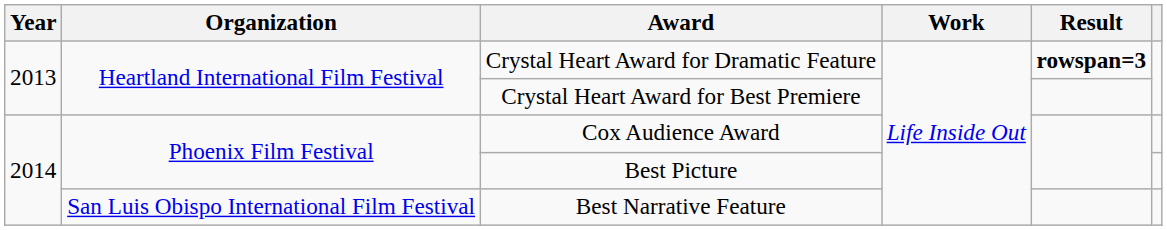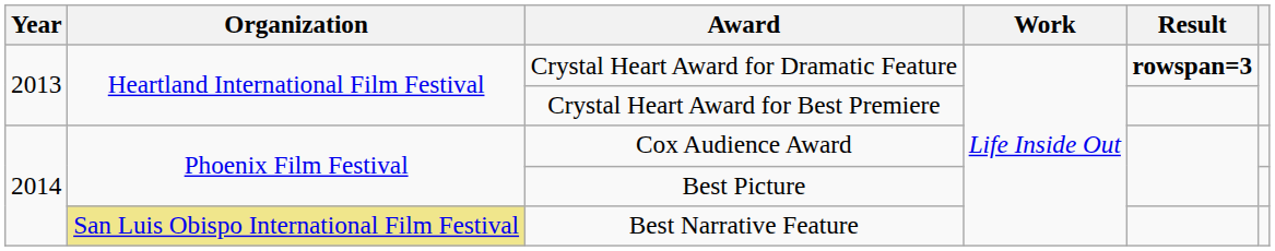 <table class="wikitable plainrowheaders" style="text-align:center;">
 <tr>
 <th>Year</th>
 <th>Organization</th>
 <th>Award</th>
 <th>Work</th>
 <th>Result</th>
 <th></th>
 </tr>
 <tr>
 <td rowspan=2>2013</td>
 <td rowspan=2><a href='#'>Heartland International Film Festival</a></td>
 <td>Crystal Heart Award for Dramatic Feature</td>
 <td rowspan=5><em><a href='#'>Life Inside Out</a></em></td>
 <td><strong>rowspan=3 </strong></td>
 <td rowspan=2></td>
 </tr>
 <tr>
 <td>Crystal Heart Award for Best Premiere</td>
 </tr>
 <tr>
 <td rowspan=3>2014</td>
 <td rowspan=2><a href='#'>Phoenix Film Festival</a></td>
 <td>Cox Audience Award</td>
 <td rowspan=2></td>
 </tr>
 <tr>
 <td>Best Picture</td>
 <td></td>
 </tr>
 <tr>
-<td><a href='#'>San Luis Obispo International Film Festival</a></td>
+<td style="background: khaki;"><a href='#'>San Luis Obispo International Film Festival</a></td>
 <td>Best Narrative Feature</td>
 <td></td>
 <td></td>
 </tr>
 </table>
